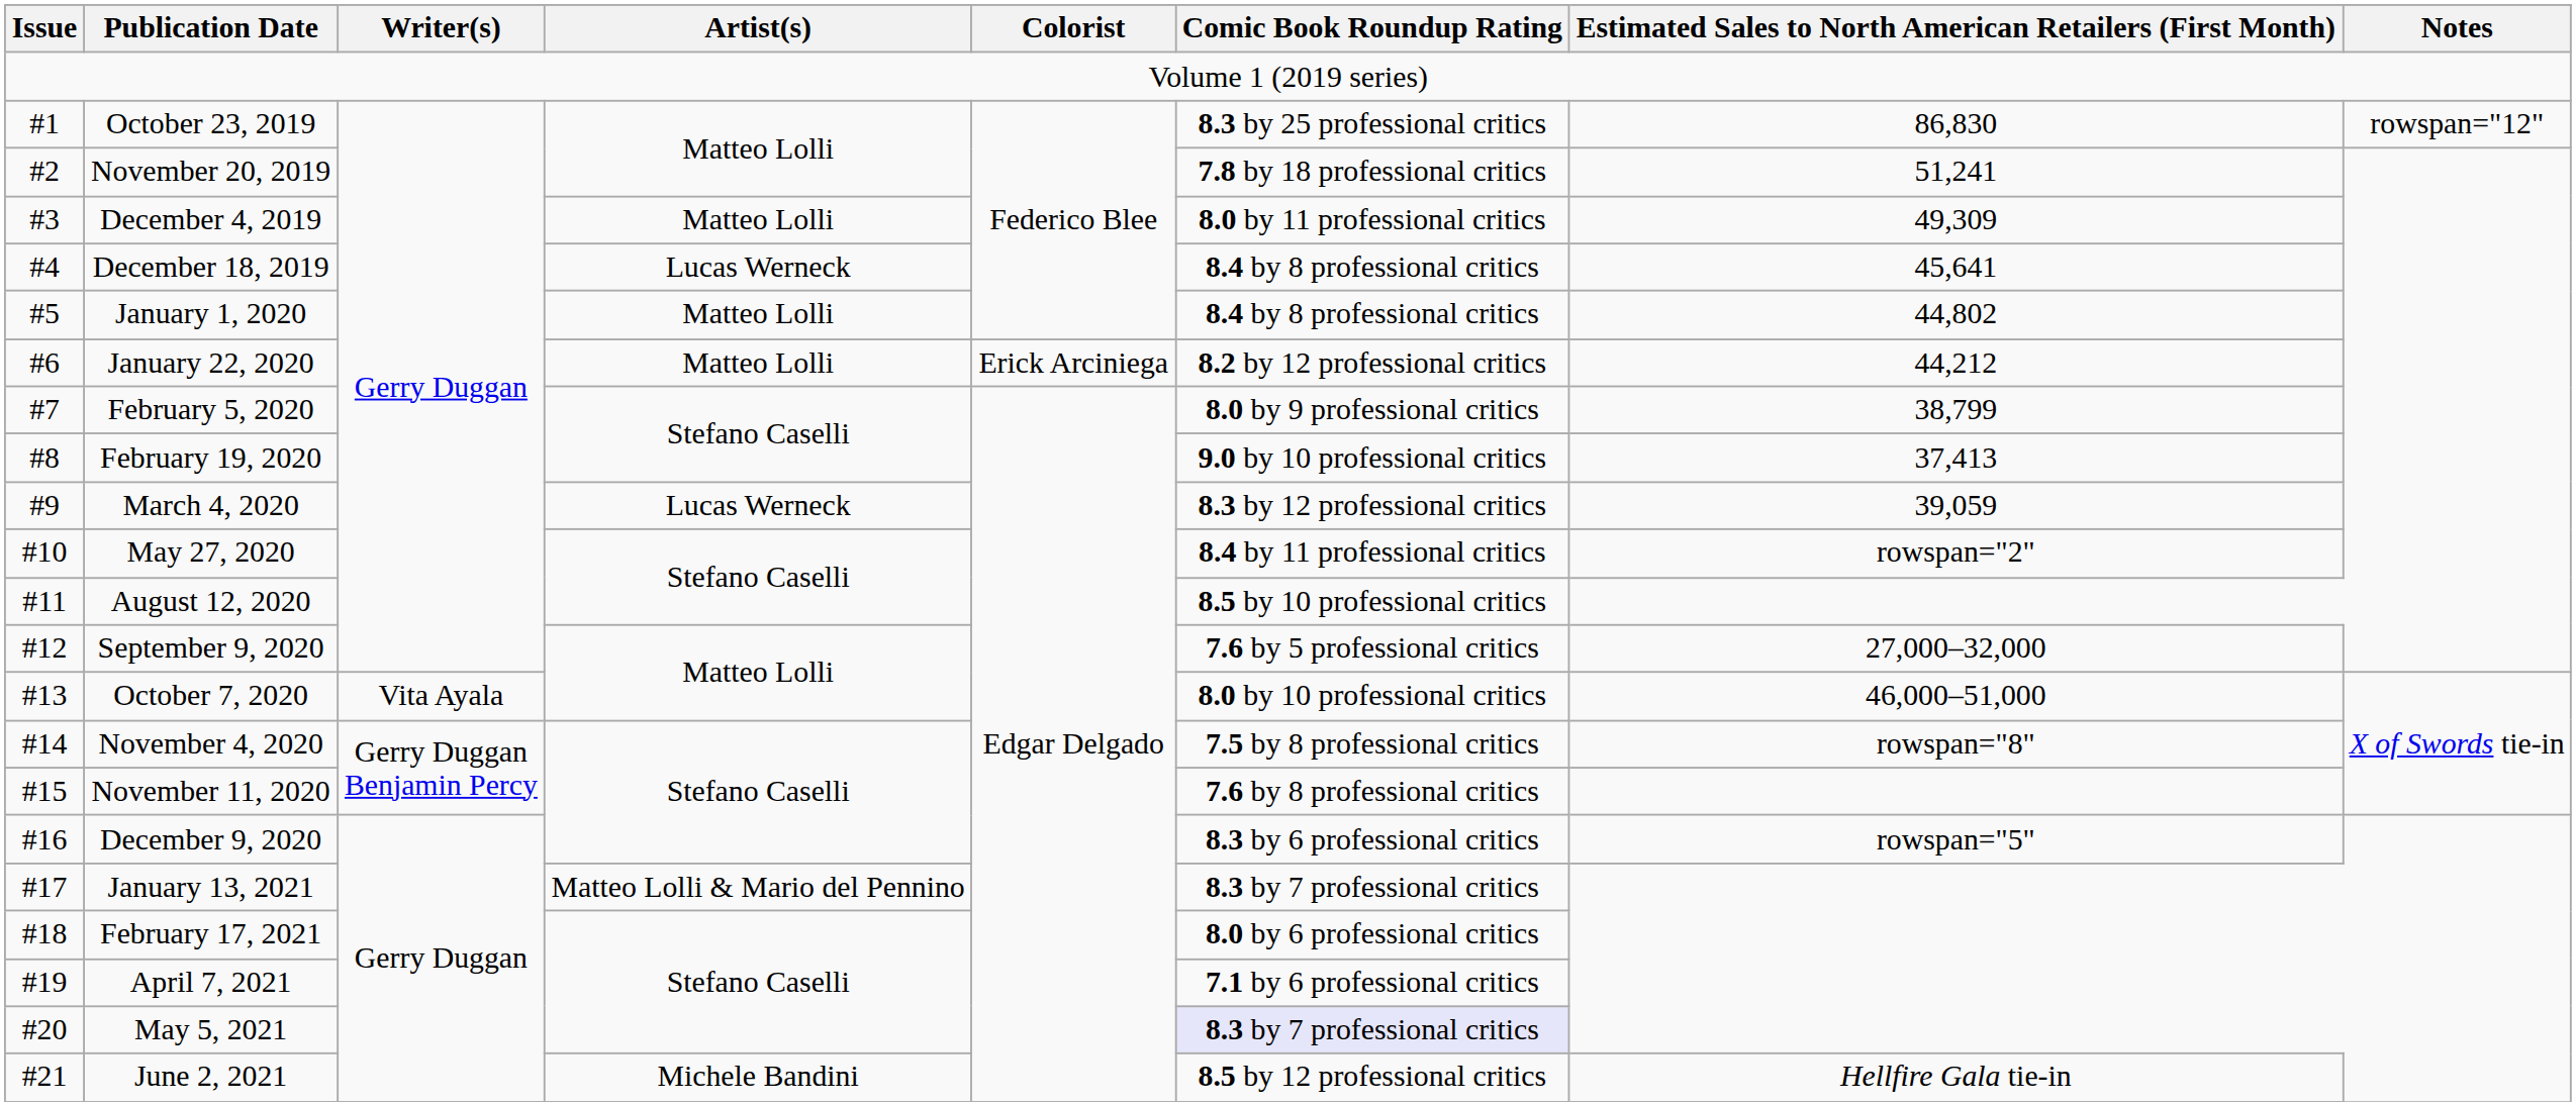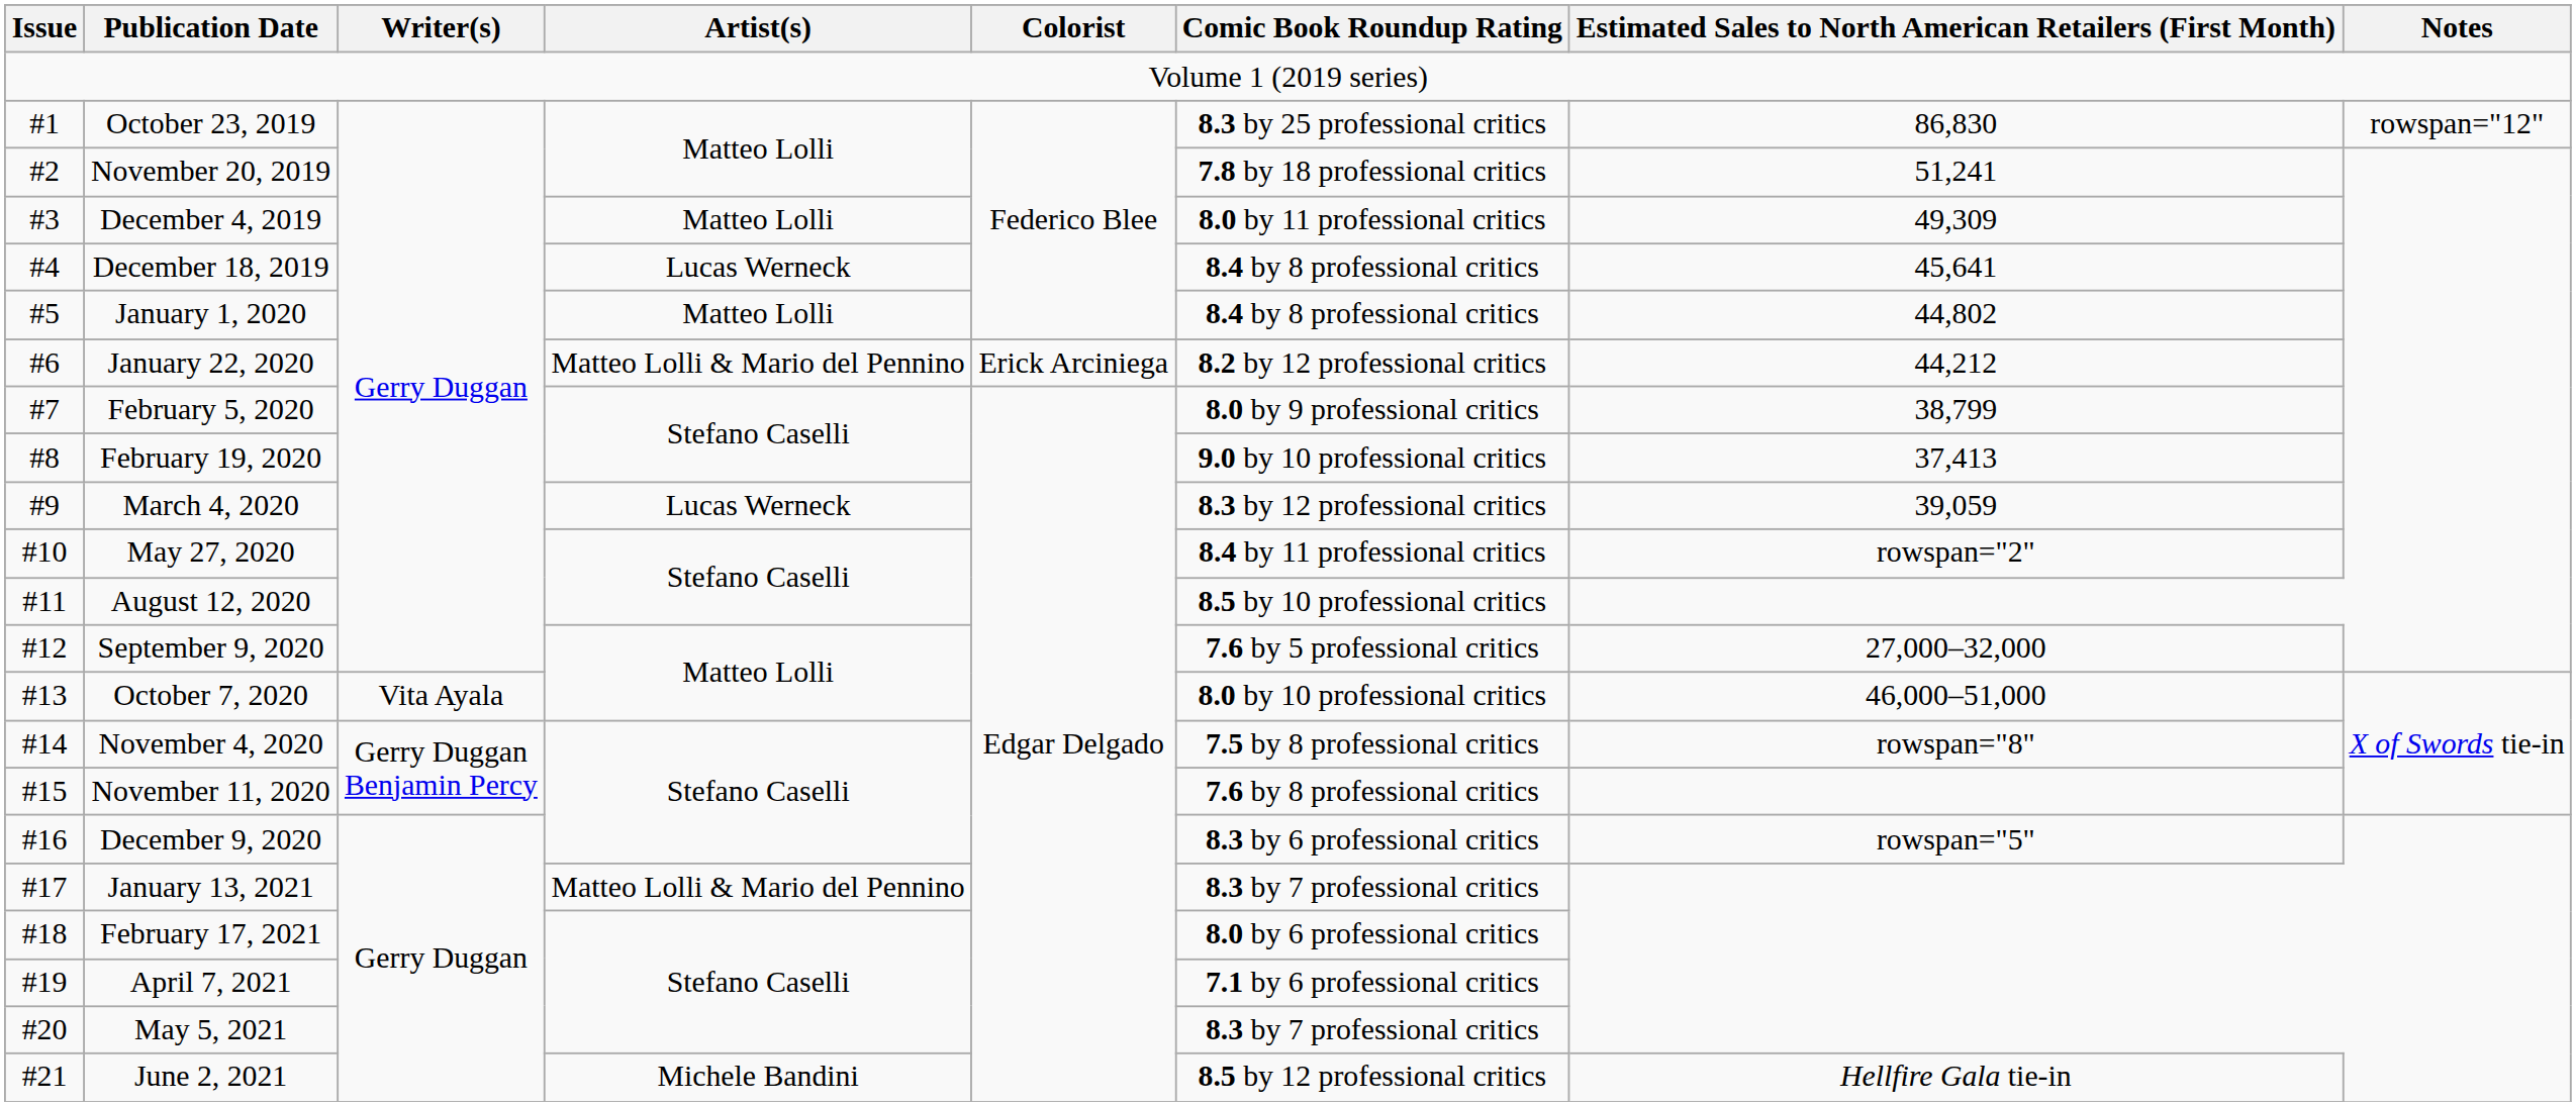 <table class="wikitable plainrowheaders" style="text-align:center;">
 <tr>
 <th scope="col"><strong>Issue</strong></th>
 <th scope="col"><strong>Publication Date</strong></th>
 <th scope="col"><strong>Writer(s)</strong></th>
 <th scope="col"><strong>Artist(s)</strong></th>
 <th scope="col"><strong>Colorist</strong></th>
 <th scope="col"><strong>Comic Book Roundup Rating</strong></th>
 <th scope="col"><strong>Estimated Sales to North American Retailers (First Month)</strong></th>
 <th scope="col">Notes</th>
 </tr>
 <tr>
 <td colspan="8">Volume 1 (2019 series)</td>
 </tr>
 <tr>
 <td>#1</td>
 <td>October 23, 2019</td>
 <td rowspan="12"><a href='#'>Gerry Duggan</a></td>
 <td rowspan="2">Matteo Lolli</td>
 <td rowspan="5">Federico Blee</td>
 <td><strong>8.3</strong> by 25 professional critics</td>
 <td>86,830</td>
 <td>rowspan="12" </td>
 </tr>
 <tr>
 <td>#2</td>
 <td>November 20, 2019</td>
 <td><strong>7.8</strong> by 18 professional critics</td>
 <td>51,241</td>
 </tr>
 <tr>
 <td>#3</td>
 <td>December 4, 2019</td>
 <td>Matteo Lolli</td>
 <td><strong>8.0</strong> by 11 professional critics</td>
 <td>49,309</td>
 </tr>
 <tr>
 <td>#4</td>
 <td>December 18, 2019</td>
 <td>Lucas Werneck</td>
 <td><strong>8.4</strong> by 8 professional critics</td>
 <td>45,641</td>
 </tr>
 <tr>
 <td>#5</td>
 <td>January 1, 2020</td>
 <td>Matteo Lolli</td>
 <td><strong>8.4</strong> by 8 professional critics</td>
 <td>44,802</td>
 </tr>
 <tr>
 <td>#6</td>
 <td>January 22, 2020</td>
-<td>Matteo Lolli</td>
+<td>Matteo Lolli & Mario del Pennino</td>
 <td>Erick Arciniega</td>
 <td><strong>8.2</strong> by 12 professional critics</td>
 <td>44,212</td>
 </tr>
 <tr>
 <td>#7</td>
 <td>February 5, 2020</td>
 <td rowspan="2">Stefano Caselli</td>
 <td rowspan="15">Edgar Delgado</td>
 <td><strong>8.0</strong> by 9 professional critics</td>
 <td>38,799</td>
 </tr>
 <tr>
 <td>#8</td>
 <td>February 19, 2020</td>
 <td><strong>9.0</strong> by 10 professional critics</td>
 <td>37,413</td>
 </tr>
 <tr>
 <td>#9</td>
 <td>March 4, 2020</td>
 <td>Lucas Werneck</td>
 <td><strong>8.3</strong> by 12 professional critics</td>
 <td>39,059</td>
 </tr>
 <tr>
 <td>#10</td>
 <td>May 27, 2020</td>
 <td rowspan="2">Stefano Caselli</td>
 <td><strong>8.4</strong> by 11 professional critics</td>
 <td>rowspan="2" </td>
 </tr>
 <tr>
 <td>#11</td>
 <td>August 12, 2020</td>
 <td><strong>8.5</strong> by 10 professional critics</td>
 </tr>
 <tr>
 <td>#12</td>
 <td>September 9, 2020</td>
 <td rowspan="2">Matteo Lolli</td>
 <td><strong>7.6</strong> by 5 professional critics</td>
 <td>27,000–32,000</td>
 </tr>
 <tr>
 <td>#13</td>
 <td>October 7, 2020</td>
 <td>Vita Ayala</td>
 <td><strong>8.0</strong> by 10 professional critics</td>
 <td>46,000–51,000</td>
 <td rowspan="3"><em><a href='#'>X of Swords</a></em> tie-in</td>
 </tr>
 <tr>
 <td>#14</td>
 <td>November 4, 2020</td>
 <td rowspan="2">Gerry Duggan<br><a href='#'>Benjamin Percy</a></td>
 <td rowspan="3">Stefano Caselli</td>
 <td><strong>7.5</strong> by 8 professional critics</td>
 <td>rowspan="8" </td>
 </tr>
 <tr>
 <td>#15</td>
 <td>November 11, 2020</td>
 <td><strong>7.6</strong> by 8 professional critics</td>
 </tr>
 <tr>
 <td>#16</td>
 <td>December 9, 2020</td>
 <td rowspan="6">Gerry Duggan</td>
 <td><strong>8.3</strong> by 6 professional critics</td>
 <td>rowspan="5" </td>
 </tr>
 <tr>
 <td>#17</td>
 <td>January 13, 2021</td>
 <td>Matteo Lolli & Mario del Pennino</td>
 <td><strong>8.3</strong> by 7 professional critics</td>
 </tr>
 <tr>
 <td>#18</td>
 <td>February 17, 2021</td>
 <td rowspan="3">Stefano Caselli</td>
 <td><strong>8.0</strong> by 6 professional critics</td>
 </tr>
 <tr>
 <td>#19</td>
 <td>April 7, 2021</td>
 <td><strong>7.1</strong> by 6 professional critics</td>
 </tr>
 <tr>
 <td>#20</td>
 <td>May 5, 2021</td>
-<td style="background: lavender;"><strong>8.3</strong> by 7 professional critics</td>
+<td><strong>8.3</strong> by 7 professional critics</td>
 </tr>
 <tr>
 <td>#21</td>
 <td>June 2, 2021</td>
 <td>Michele Bandini</td>
 <td><strong>8.5</strong> by 12 professional critics</td>
 <td><em>Hellfire Gala</em> tie-in</td>
 </tr>
 <tr>
 </tr>
 </table>
